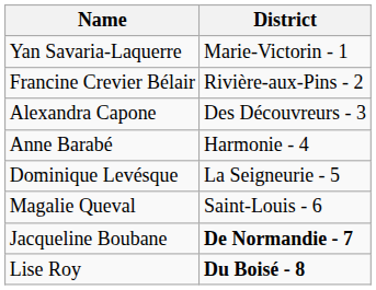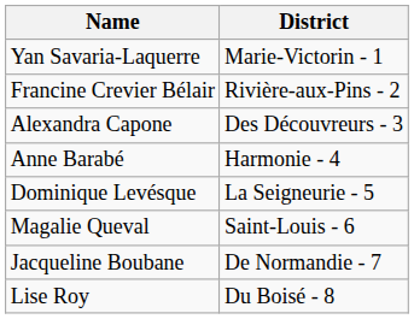 <table class="wikitable sortable">
 <tr>
 <th>Name</th>
 <th>District</th>
 </tr>
 <tr>
 <td>Yan Savaria-Laquerre</td>
 <td>Marie-Victorin - 1</td>
 </tr>
 <tr>
 <td>Francine Crevier Bélair</td>
 <td>Rivière-aux-Pins - 2</td>
 </tr>
 <tr>
 <td>Alexandra Capone</td>
 <td>Des Découvreurs - 3</td>
 </tr>
 <tr>
 <td>Anne Barabé</td>
 <td>Harmonie - 4</td>
 </tr>
 <tr>
 <td>Dominique Levésque</td>
 <td>La Seigneurie - 5</td>
 </tr>
 <tr>
 <td>Magalie Queval</td>
 <td>Saint-Louis - 6</td>
 </tr>
 <tr>
 <td>Jacqueline Boubane</td>
-<td><strong>De Normandie - 7</strong></td>
+<td>De Normandie - 7</td>
 </tr>
 <tr>
 <td>Lise Roy</td>
-<td><strong>Du Boisé - 8</strong></td>
+<td>Du Boisé - 8</td>
 </tr>
 </table>
